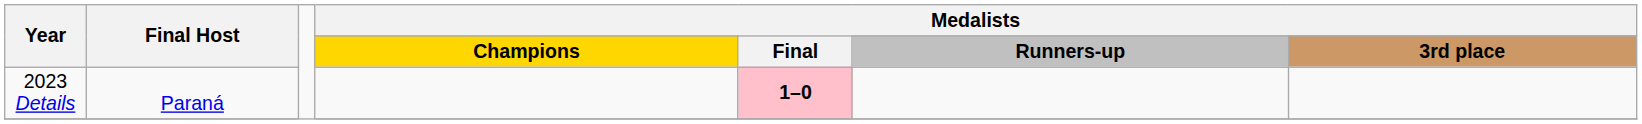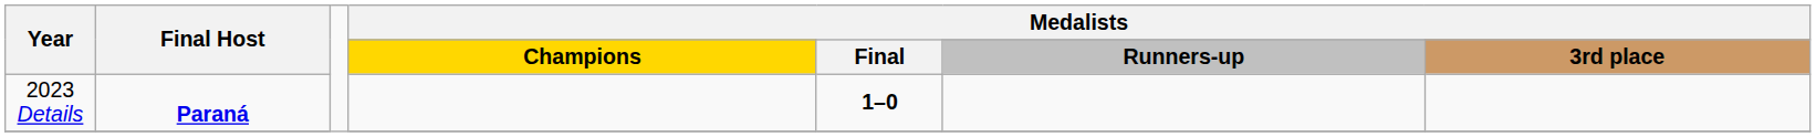 <table class="wikitable" style="font-size:90%; text-align: center;" width="95%">
 <tr>
 <th rowspan=2 width=5%>Year</th>
 <th rowspan=2 width=13%>Final Host</th>
 <td width=1% rowspan=19 style="border-top:none;border-bottom:none;"></td>
 <th colspan=4>Medalists</th>
 </tr>
 <tr>
 <th style="width=17%; background:Gold;">Champions</th>
 <th width=7%>Final</th>
 <th style="width=17%; background:Silver;">Runners-up</th>
 <th style="width=17%; background:#c96;">3rd place</th>
 </tr>
 <tr>
 <td>2023<br><em><a href='#'>Details</a></em></td>
-<td><br><a href='#'>Paraná</a></td>
+<td><strong><br><a href='#'>Paraná</a></strong></td>
 <td></td>
-<td style="background: pink;"><strong>1–0</strong></td>
+<td><strong>1–0</strong></td>
 <td></td>
 <td></td>
 </tr>
 <tr>
 </tr>
 </table>
